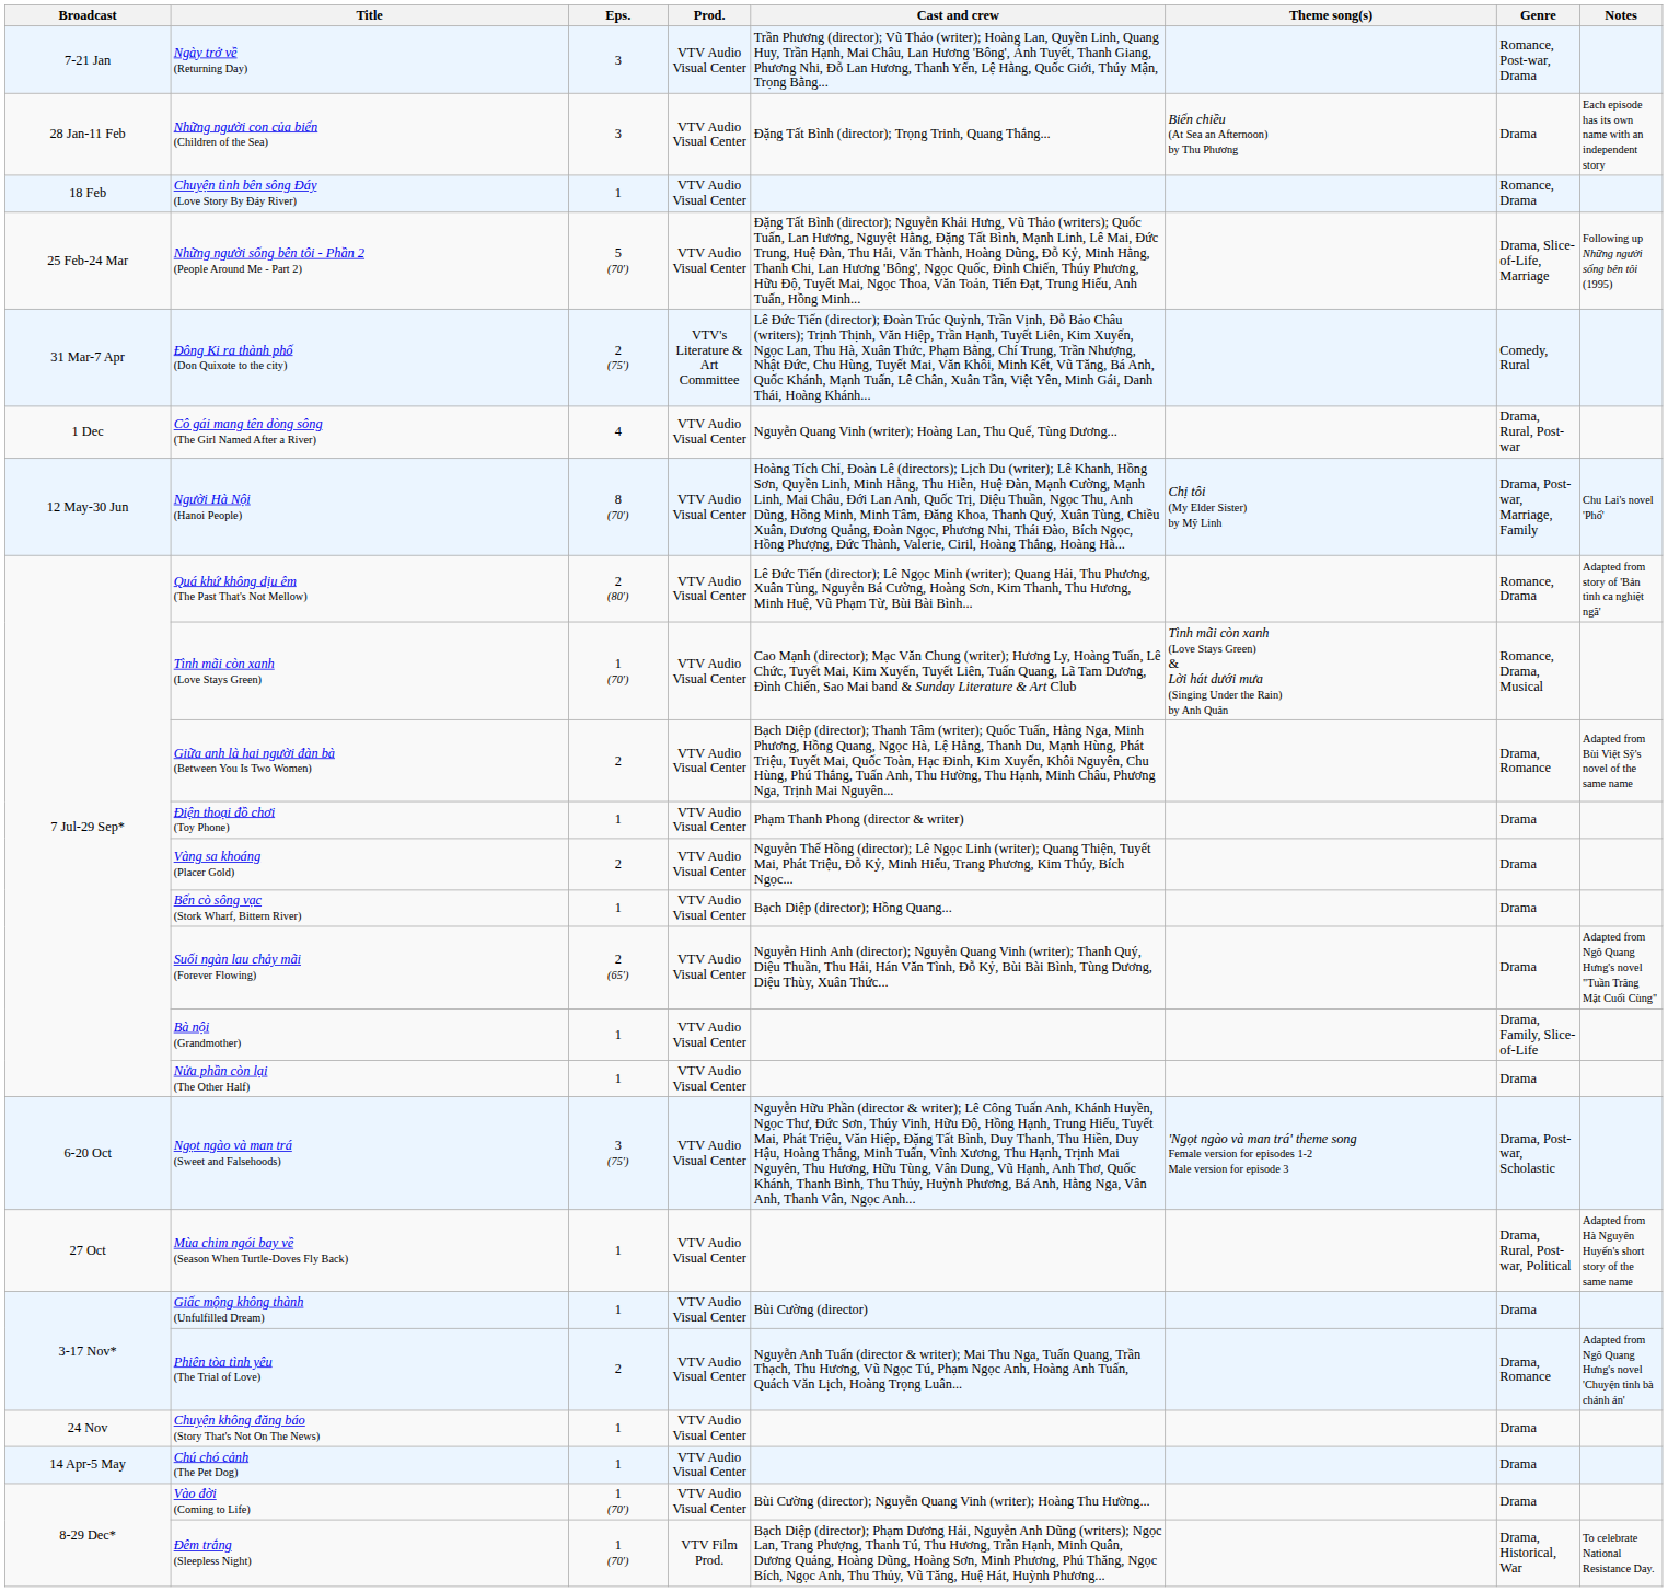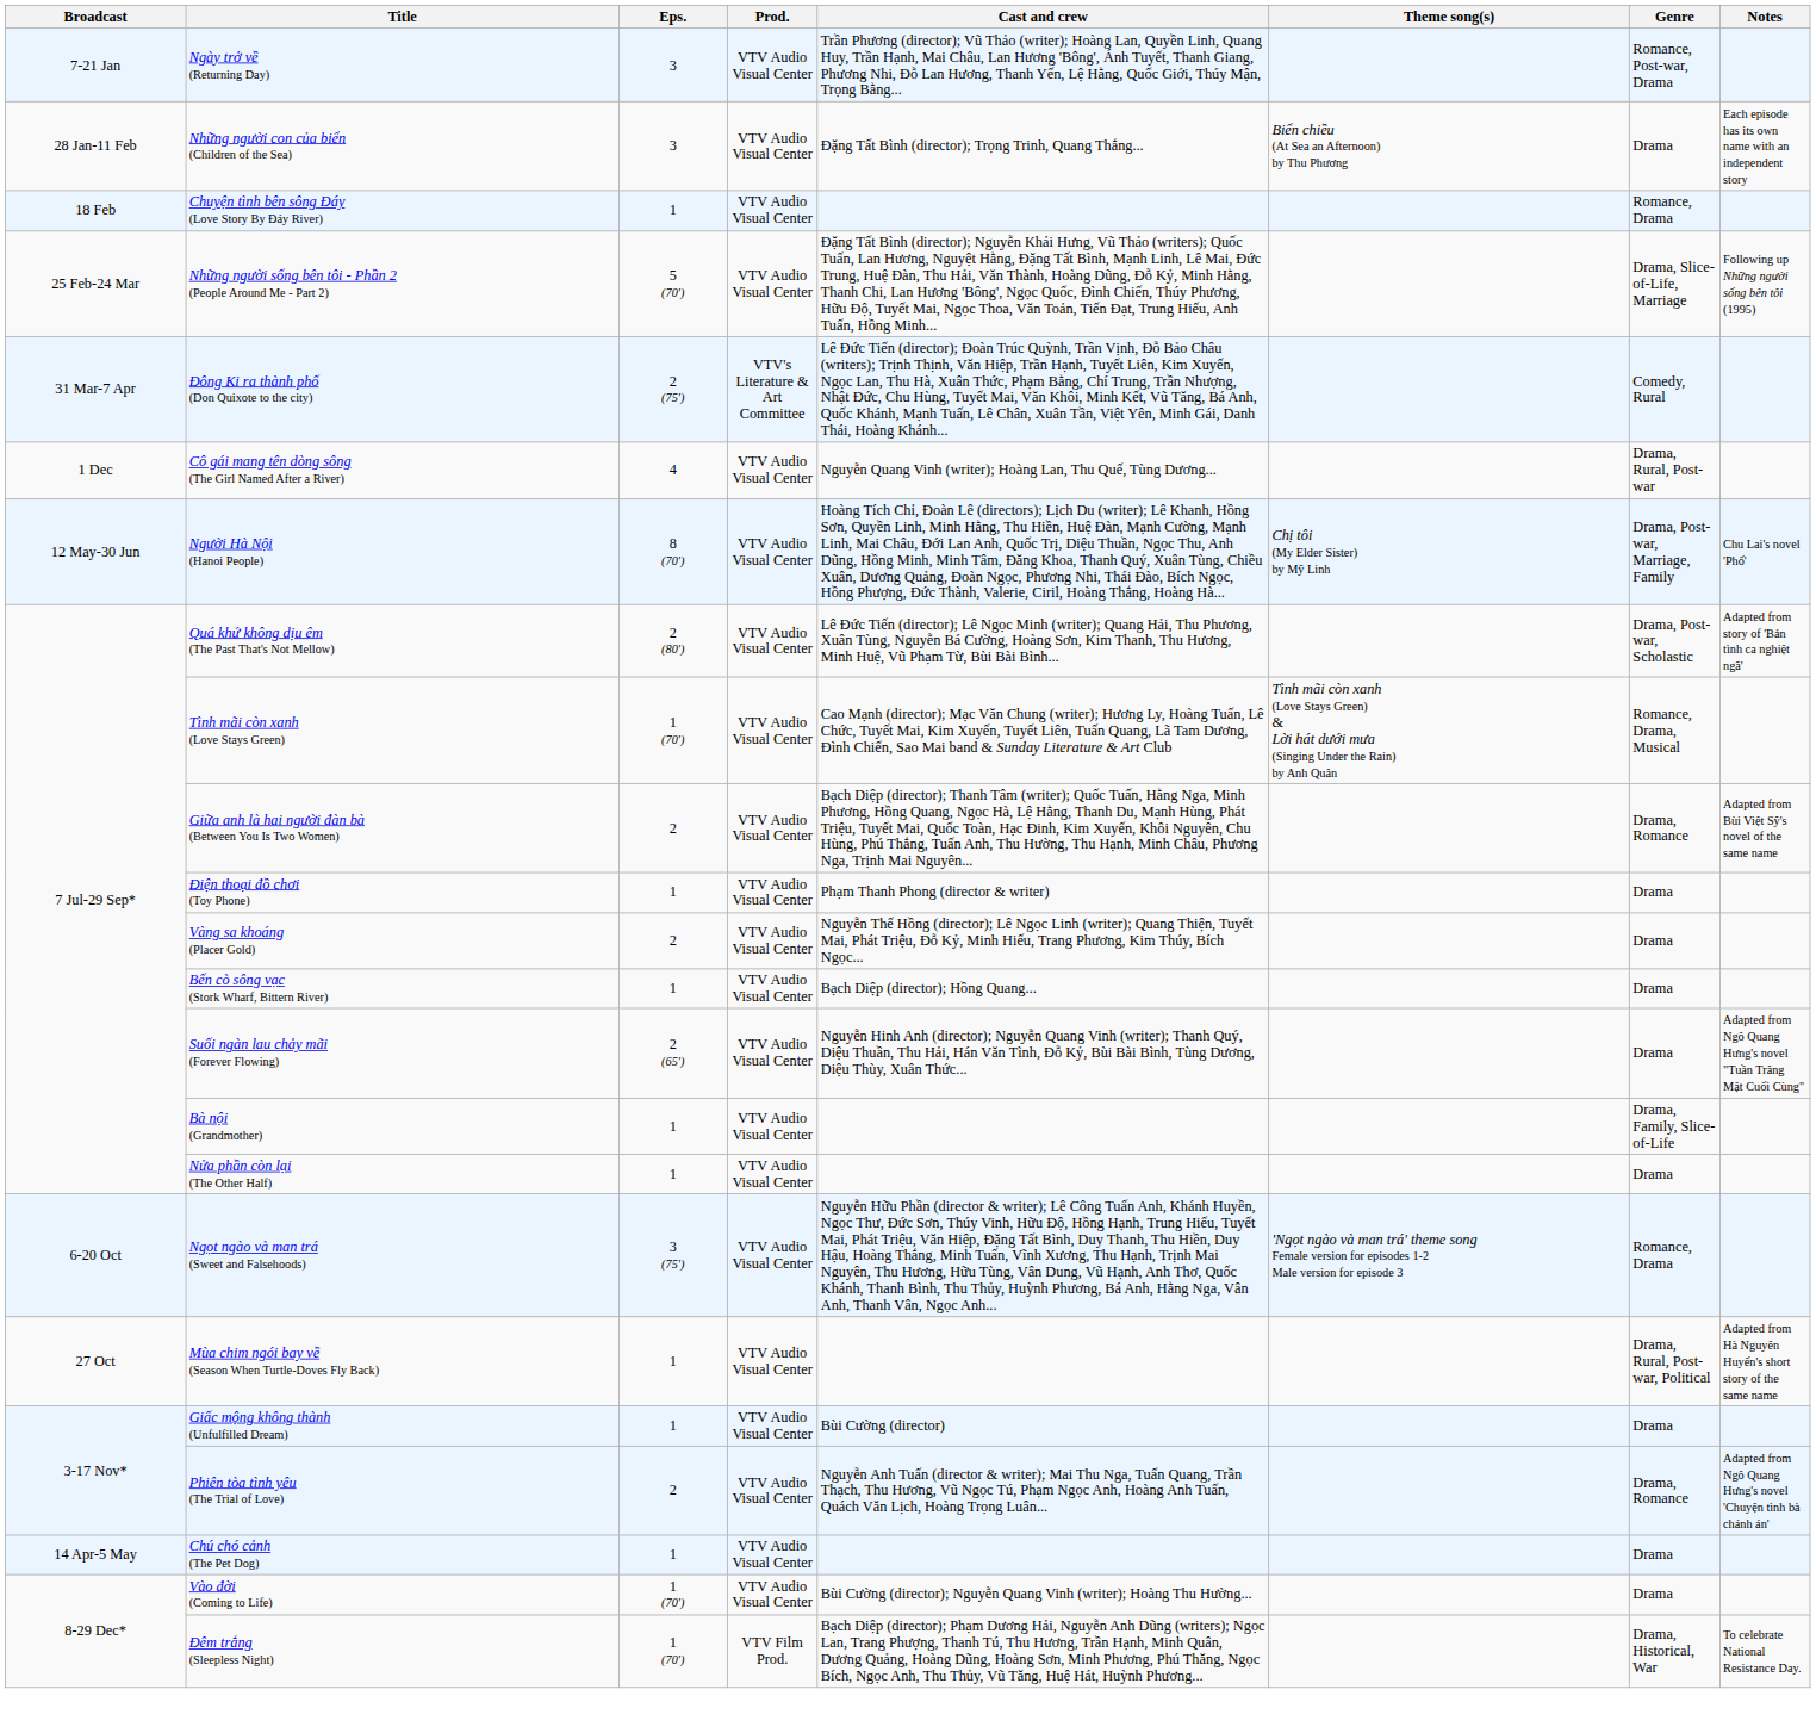 <table class="wikitable sortable">
 <tr>
 <th style="width:10%;">Broadcast</th>
 <th style="width:24%;">Title</th>
 <th style="width:6%;">Eps.</th>
 <th style="width:5%;">Prod.</th>
 <th style="width:25%;">Cast and crew</th>
 <th style="width:20%;">Theme song(s)</th>
 <th style="width:5%;">Genre</th>
 <th style="width:5%;">Notes</th>
 </tr>
 <tr ---- bgcolor="#ebf5ff">
 <td style="text-align:center;">7-21 Jan <br></td>
 <td><em><a href='#'>Ngày trở về</a></em> <br><small>(Returning Day)</small></td>
 <td style="text-align:center;">3</td>
 <td style="text-align:center;">VTV Audio Visual Center</td>
 <td>Trần Phương (director); Vũ Thảo (writer); Hoàng Lan, Quyền Linh, Quang Huy, Trần Hạnh, Mai Châu, Lan Hương 'Bông', Ánh Tuyết, Thanh Giang, Phương Nhi, Đỗ Lan Hương, Thanh Yến, Lệ Hằng, Quốc Giới, Thúy Mận, Trọng Bằng...</td>
 <td></td>
 <td>Romance, Post-war, Drama</td>
 <td></td>
 </tr>
 <tr>
 <td style="text-align:center;">28 Jan-11 Feb <br></td>
 <td><em><a href='#'>Những người con của biển</a></em> <br><small>(Children of the Sea)</small></td>
 <td style="text-align:center;">3</td>
 <td style="text-align:center;">VTV Audio Visual Center</td>
 <td>Đặng Tất Bình (director); Trọng Trinh, Quang Thắng...</td>
 <td><em>Biển chiều</em><br><small>(At Sea an Afternoon)<br>by Thu Phương</small></td>
 <td>Drama</td>
 <td><small>Each episode has its own name with an independent story</small></td>
 </tr>
 <tr ---- bgcolor="#ebf5ff">
 <td style="text-align:center;">18 Feb<br></td>
 <td><em><a href='#'>Chuyện tình bên sông Đáy</a></em> <br><small>(Love Story By Đáy River)</small></td>
 <td style="text-align:center;">1</td>
 <td style="text-align:center;">VTV Audio Visual Center</td>
 <td></td>
 <td></td>
 <td>Romance, Drama</td>
 <td></td>
 </tr>
 <tr>
 <td style="text-align:center;">25 Feb-24 Mar <br></td>
 <td><em><a href='#'>Những người sống bên tôi - Phần 2</a></em> <br><small>(People Around Me - Part 2)</small></td>
 <td style="text-align:center;">5<br><small><em>(70′)</em></small></td>
 <td style="text-align:center;">VTV Audio Visual Center</td>
 <td>Đặng Tất Bình (director); Nguyễn Khải Hưng, Vũ Thảo (writers); Quốc Tuấn, Lan Hương, Nguyệt Hằng, Đặng Tất Bình, Mạnh Linh, Lê Mai, Đức Trung, Huệ Đàn, Thu Hải, Văn Thành, Hoàng Dũng, Đỗ Kỷ, Minh Hằng, Thanh Chi, Lan Hương 'Bông', Ngọc Quốc, Đình Chiến, Thúy Phương, Hữu Độ, Tuyết Mai, Ngọc Thoa, Văn Toản, Tiến Đạt, Trung Hiếu, Anh Tuấn, Hồng Minh...</td>
 <td></td>
 <td>Drama, Slice-of-Life, Marriage</td>
 <td><small>Following up <em>Những người sống bên tôi</em> (1995)</small></td>
 </tr>
 <tr ---- bgcolor="#ebf5ff">
 <td style="text-align:center;">31 Mar-7 Apr<br></td>
 <td><em><a href='#'>Đông Ki ra thành phố</a></em> <br><small>(Don Quixote to the city)</small></td>
 <td style="text-align:center;">2<br><small><em>(75′)</em></small></td>
 <td style="text-align:center;">VTV's Literature & Art Committee</td>
 <td>Lê Đức Tiến (director); Đoàn Trúc Quỳnh, Trần Vịnh, Đỗ Bảo Châu (writers); Trịnh Thịnh, Văn Hiệp, Trần Hạnh, Tuyết Liên, Kim Xuyến, Ngọc Lan, Thu Hà, Xuân Thức, Phạm Bằng, Chí Trung, Trần Nhượng, Nhật Đức, Chu Hùng, Tuyết Mai, Văn Khôi, Minh Kết, Vũ Tăng, Bá Anh, Quốc Khánh, Mạnh Tuấn, Lê Chân, Xuân Tần, Việt Yên, Minh Gái, Danh Thái, Hoàng Khánh...</td>
 <td></td>
 <td>Comedy, Rural</td>
 <td></td>
 </tr>
 <tr>
 <td style="text-align:center;">1 Dec<br></td>
 <td><em><a href='#'>Cô gái mang tên dòng sông</a></em> <br><small>(The Girl Named After a River)</small></td>
 <td style="text-align:center;">4</td>
 <td style="text-align:center;">VTV Audio Visual Center</td>
 <td>Nguyễn Quang Vinh (writer); Hoàng Lan, Thu Quế, Tùng Dương...</td>
 <td></td>
 <td>Drama, Rural, Post-war</td>
 <td></td>
 </tr>
 <tr ---- bgcolor="#ebf5ff">
 <td style="text-align:center;">12 May-30 Jun <br></td>
 <td><em><a href='#'>Người Hà Nội</a></em> <br><small>(Hanoi People)</small></td>
 <td style="text-align:center;">8<br><small><em>(70′)</em></small></td>
 <td style="text-align:center;">VTV Audio Visual Center</td>
 <td>Hoàng Tích Chỉ, Đoàn Lê (directors); Lịch Du (writer); Lê Khanh, Hồng Sơn, Quyền Linh, Minh Hằng, Thu Hiền, Huệ Đàn, Mạnh Cường, Mạnh Linh, Mai Châu, Đới Lan Anh, Quốc Trị, Diệu Thuần, Ngọc Thu, Anh Dũng, Hồng Minh, Minh Tâm, Đăng Khoa, Thanh Quý, Xuân Tùng, Chiều Xuân, Dương Quảng, Đoàn Ngọc, Phương Nhi, Thái Đào, Bích Ngọc, Hồng Phượng, Đức Thành, Valerie, Ciril, Hoàng Thắng, Hoàng Hà...</td>
 <td><em>Chị tôi</em><br><small>(My Elder Sister)<br>by Mỹ Linh</small></td>
 <td>Drama, Post-war, Marriage, Family</td>
 <td><small> Chu Lai's novel 'Phố'</small></td>
 </tr>
 <tr>
 <td rowspan="9" style="text-align:center;">7 Jul-29 Sep*<br>  </td>
 <td><em><a href='#'>Quá khứ không dịu êm</a></em> <br><small>(The Past That's Not Mellow)</small></td>
 <td style="text-align:center;">2<br><small><em>(80′)</em></small></td>
 <td style="text-align:center;">VTV Audio Visual Center</td>
 <td>Lê Đức Tiến (director); Lê Ngọc Minh (writer); Quang Hải, Thu Phương, Xuân Tùng, Nguyễn Bá Cường, Hoàng Sơn, Kim Thanh, Thu Hương, Minh Huệ, Vũ Phạm Từ, Bùi Bài Bình...</td>
 <td></td>
-<td>Romance, Drama</td>
+<td>Drama, Post-war, Scholastic</td>
 <td><small>Adapted from story of 'Bản tình ca nghiệt ngã'</small></td>
 </tr>
 <tr>
 <td><em><a href='#'>Tình mãi còn xanh</a></em> <br><small>(Love Stays Green)</small></td>
 <td style="text-align:center;">1<br><small><em>(70′)</em></small></td>
 <td style="text-align:center;">VTV Audio Visual Center</td>
 <td>Cao Mạnh (director); Mạc Văn Chung (writer); Hương Ly, Hoàng Tuấn, Lê Chức, Tuyết Mai, Kim Xuyến, Tuyết Liên, Tuấn Quang, Lã Tam Dương, Đình Chiến, Sao Mai band & <em>Sunday Literature & Art</em> Club</td>
 <td><em>Tình mãi còn xanh</em><br><small>(Love Stays Green)</small><br>&<br><em>Lời hát dưới mưa</em><br><small>(Singing Under the Rain)<br>by Anh Quân</small></td>
 <td>Romance, Drama, Musical</td>
 <td></td>
 </tr>
 <tr>
 <td><em><a href='#'>Giữa anh là hai người đàn bà</a></em> <br><small>(Between You Is Two Women)</small></td>
 <td style="text-align:center;">2</td>
 <td style="text-align:center;">VTV Audio Visual Center</td>
 <td>Bạch Diệp (director); Thanh Tâm (writer); Quốc Tuấn, Hằng Nga, Minh Phương, Hồng Quang, Ngọc Hà, Lệ Hằng, Thanh Du, Mạnh Hùng, Phát Triệu, Tuyết Mai, Quốc Toàn, Hạc Đinh, Kim Xuyến, Khôi Nguyên, Chu Hùng, Phú Thắng, Tuấn Anh, Thu Hường, Thu Hạnh, Minh Châu, Phương Nga, Trịnh Mai Nguyên...</td>
 <td></td>
 <td>Drama, Romance</td>
 <td><small>Adapted from Bùi Việt Sỹ's novel of the same name</small></td>
 </tr>
 <tr>
 <td><em><a href='#'>Điện thoại đồ chơi</a></em> <br><small>(Toy Phone)</small></td>
 <td style="text-align:center;">1</td>
 <td style="text-align:center;">VTV Audio Visual Center</td>
 <td>Phạm Thanh Phong (director & writer)</td>
 <td></td>
 <td>Drama</td>
 <td></td>
 </tr>
 <tr>
 <td><em><a href='#'>Vàng sa khoáng</a></em> <br><small>(Placer Gold)</small></td>
 <td style="text-align:center;">2</td>
 <td style="text-align:center;">VTV Audio Visual Center</td>
 <td>Nguyễn Thế Hồng (director); Lê Ngọc Linh (writer); Quang Thiện, Tuyết Mai, Phát Triệu, Đỗ Kỷ, Minh Hiếu, Trang Phương, Kim Thúy, Bích Ngọc...</td>
 <td></td>
 <td>Drama</td>
 <td></td>
 </tr>
 <tr>
 <td><em><a href='#'>Bến cò sông vạc</a></em> <br><small>(Stork Wharf, Bittern River)</small></td>
 <td style="text-align:center;">1</td>
 <td style="text-align:center;">VTV Audio Visual Center</td>
 <td>Bạch Diệp (director); Hồng Quang...</td>
 <td></td>
 <td>Drama</td>
 <td></td>
 </tr>
 <tr>
 <td><em><a href='#'>Suối ngàn lau chảy mãi</a></em> <br><small>(Forever Flowing)</small></td>
 <td style="text-align:center;">2<br><small><em>(65′)</em></small></td>
 <td style="text-align:center;">VTV Audio Visual Center</td>
 <td>Nguyễn Hinh Anh (director); Nguyễn Quang Vinh (writer); Thanh Quý, Diệu Thuần, Thu Hải, Hán Văn Tình, Đỗ Kỷ, Bùi Bài Bình, Tùng Dương, Diệu Thùy, Xuân Thức...</td>
 <td></td>
 <td>Drama</td>
 <td><small>Adapted from Ngô Quang Hưng's novel "Tuần Trăng Mật Cuối Cùng"</small></td>
 </tr>
 <tr>
 <td><em><a href='#'>Bà nội</a></em> <br><small>(Grandmother)</small></td>
 <td style="text-align:center;">1</td>
 <td style="text-align:center;">VTV Audio Visual Center</td>
 <td></td>
 <td></td>
 <td>Drama, Family, Slice-of-Life</td>
 <td></td>
 </tr>
 <tr>
 <td><em><a href='#'>Nửa phần còn lại</a></em> <br><small>(The Other Half)</small></td>
 <td style="text-align:center;">1</td>
 <td style="text-align:center;">VTV Audio Visual Center</td>
 <td></td>
 <td></td>
 <td>Drama</td>
 <td></td>
 </tr>
 <tr ---- bgcolor="#ebf5ff">
 <td style="text-align:center;">6-20 Oct <br></td>
 <td><em><a href='#'>Ngọt ngào và man trá</a></em> <br><small>(Sweet and Falsehoods)</small></td>
 <td style="text-align:center;">3<br><small><em>(75′)</em></small></td>
 <td style="text-align:center;">VTV Audio Visual Center</td>
 <td>Nguyễn Hữu Phần (director & writer); Lê Công Tuấn Anh, Khánh Huyền, Ngọc Thư, Đức Sơn, Thúy Vinh, Hữu Độ, Hồng Hạnh, Trung Hiếu, Tuyết Mai, Phát Triệu, Văn Hiệp, Đặng Tất Bình, Duy Thanh, Thu Hiền, Duy Hậu, Hoàng Thắng, Minh Tuấn, Vĩnh Xương, Thu Hạnh, Trịnh Mai Nguyên, Thu Hương, Hữu Tùng, Vân Dung, Vũ Hạnh, Anh Thơ, Quốc Khánh, Thanh Bình, Thu Thủy, Huỳnh Phương, Bá Anh, Hằng Nga, Vân Anh, Thanh Vân, Ngọc Anh...</td>
 <td><em> 'Ngọt ngào và man trá' theme song</em><br><small>Female version for episodes 1-2<br>Male version for episode 3</small></td>
-<td>Drama, Post-war, Scholastic</td>
+<td>Romance, Drama</td>
 <td></td>
 </tr>
 <tr>
 <td style="text-align:center;">27 Oct <br></td>
 <td><em><a href='#'>Mùa chim ngói bay về</a></em> <br><small>(Season When Turtle-Doves Fly Back)</small></td>
 <td style="text-align:center;">1</td>
 <td style="text-align:center;">VTV Audio Visual Center</td>
 <td></td>
 <td></td>
 <td>Drama, Rural, Post-war, Political</td>
 <td><small>Adapted from Hà Nguyên Huyến's short story of the same name</small></td>
 </tr>
 <tr ---- bgcolor="#ebf5ff">
 <td rowspan="2" style="text-align:center;">3-17 Nov*<br></td>
 <td><em><a href='#'>Giấc mộng không thành</a></em> <br><small>(Unfulfilled Dream)</small></td>
 <td style="text-align:center;">1</td>
 <td style="text-align:center;">VTV Audio Visual Center</td>
 <td>Bùi Cường (director)</td>
 <td></td>
 <td>Drama</td>
 <td></td>
 </tr>
 <tr ---- bgcolor="#ebf5ff">
 <td><em><a href='#'>Phiên tòa tình yêu</a></em> <br><small>(The Trial of Love)</small></td>
 <td style="text-align:center;">2</td>
 <td style="text-align:center;">VTV Audio Visual Center</td>
 <td>Nguyễn Anh Tuấn (director & writer); Mai Thu Nga, Tuấn Quang, Trần Thạch, Thu Hương, Vũ Ngọc Tú, Phạm Ngọc Anh, Hoàng Anh Tuấn, Quách Văn Lịch, Hoàng Trọng Luân...</td>
 <td></td>
 <td>Drama, Romance</td>
 <td><small>Adapted from Ngô Quang Hưng's novel 'Chuyện tình bà chánh án'</small></td>
 </tr>
-<tr>
-<td style="text-align:center;">24 Nov <br></td>
-<td><em><a href='#'>Chuyện không đăng báo</a></em> <br><small>(Story That's Not On The News)</small></td>
-<td style="text-align:center;">1</td>
-<td style="text-align:center;">VTV Audio Visual Center</td>
-<td></td>
-<td></td>
-<td>Drama</td>
-<td></td>
-</tr>
 <tr ---- bgcolor="#ebf5ff">
 <td style="text-align:center;">14 Apr-5 May <br></td>
 <td><em><a href='#'>Chú chó cảnh</a></em> <br><small>(The Pet Dog)</small></td>
 <td style="text-align:center;">1</td>
 <td style="text-align:center;">VTV Audio Visual Center</td>
 <td></td>
 <td></td>
 <td>Drama</td>
 <td></td>
 </tr>
 <tr>
 <td rowspan="2" style="text-align:center;">8-29 Dec* <br></td>
 <td><em><a href='#'>Vào đời</a></em> <br><small>(Coming to Life)</small></td>
 <td style="text-align:center;">1<br><small><em>(70′)</em></small></td>
 <td style="text-align:center;">VTV Audio Visual Center</td>
 <td>Bùi Cường (director); Nguyễn Quang Vinh (writer); Hoàng Thu Hường...</td>
 <td></td>
 <td>Drama</td>
 <td></td>
 </tr>
 <tr>
 <td><em><a href='#'>Đêm trắng</a></em> <br><small>(Sleepless Night)</small></td>
 <td style="text-align:center;">1<br><small><em>(70′)</em></small></td>
 <td style="text-align:center;">VTV Film Prod.</td>
 <td>Bạch Diệp (director); Phạm Dương Hải, Nguyễn Anh Dũng (writers); Ngọc Lan, Trang Phượng, Thanh Tú, Thu Hương, Trần Hạnh, Minh Quân, Dương Quảng, Hoàng Dũng, Hoàng Sơn, Minh Phương, Phú Thăng, Ngọc Bích, Ngọc Anh, Thu Thủy, Vũ Tăng, Huệ Hát, Huỳnh Phương...</td>
 <td></td>
 <td>Drama, Historical, War</td>
 <td><small>To celebrate National Resistance Day.</small></td>
 </tr>
 </table>
